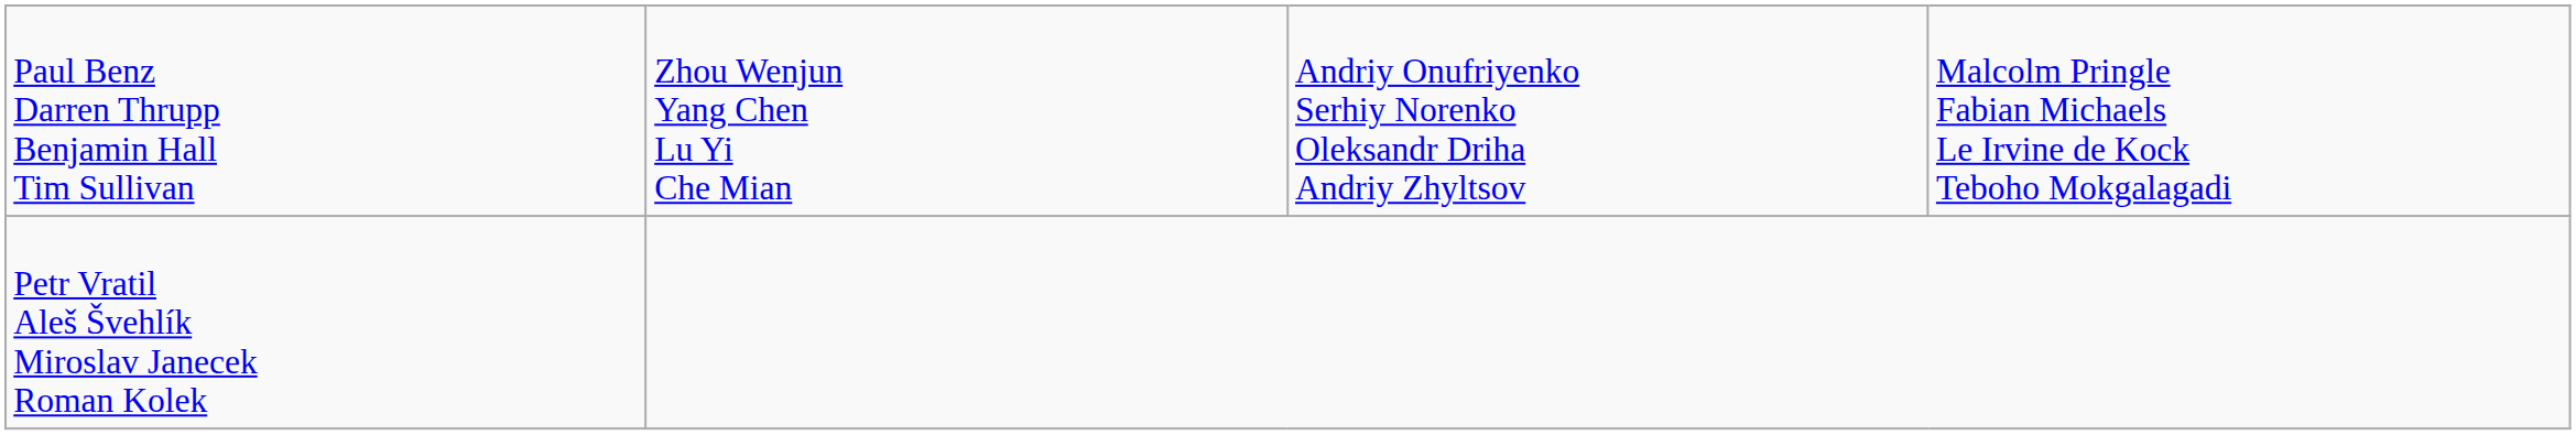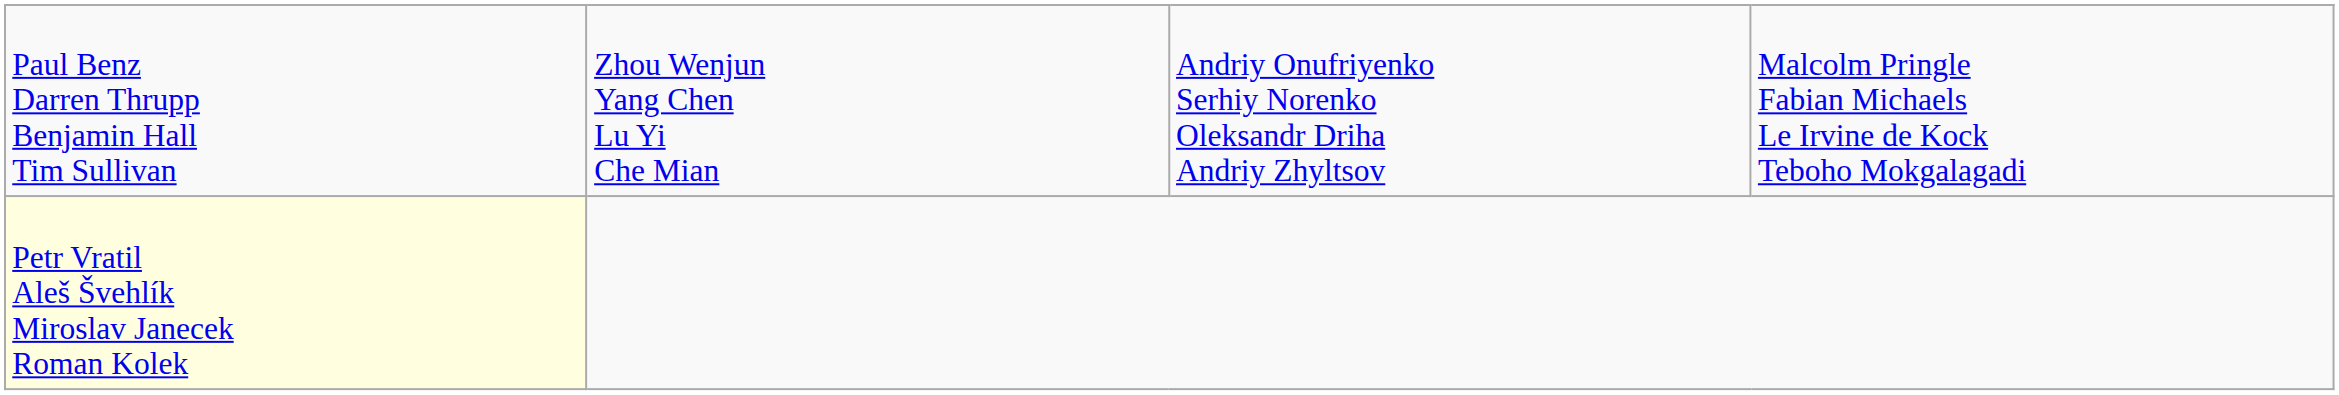 <table class="wikitable">
 <tr>
 <td style="vertical-align:top; width:18em"><br><a href='#'>Paul Benz</a><br><a href='#'>Darren Thrupp</a><br><a href='#'>Benjamin Hall</a><br><a href='#'>Tim Sullivan</a></td>
 <td style="vertical-align:top; width:18em"><br><a href='#'>Zhou Wenjun</a><br><a href='#'>Yang Chen</a><br><a href='#'>Lu Yi</a><br><a href='#'>Che Mian</a></td>
 <td style="vertical-align:top; width:18em"><br><a href='#'>Andriy Onufriyenko</a><br><a href='#'>Serhiy Norenko</a><br><a href='#'>Oleksandr Driha</a><br><a href='#'>Andriy Zhyltsov</a></td>
 <td style="vertical-align:top; width:18em"><br><a href='#'>Malcolm Pringle</a><br><a href='#'>Fabian Michaels</a><br><a href='#'>Le Irvine de Kock</a><br><a href='#'>Teboho Mokgalagadi</a></td>
 </tr>
 <tr>
-<td style="vertical-align:top; width:18em"><br><a href='#'>Petr Vratil</a><br><a href='#'>Aleš Švehlík</a><br><a href='#'>Miroslav Janecek</a><br><a href='#'>Roman Kolek</a></td>
+<td style="background: lightyellow; vertical-align:top; width:18em"><br><a href='#'>Petr Vratil</a><br><a href='#'>Aleš Švehlík</a><br><a href='#'>Miroslav Janecek</a><br><a href='#'>Roman Kolek</a></td>
 </tr>
 </table>
